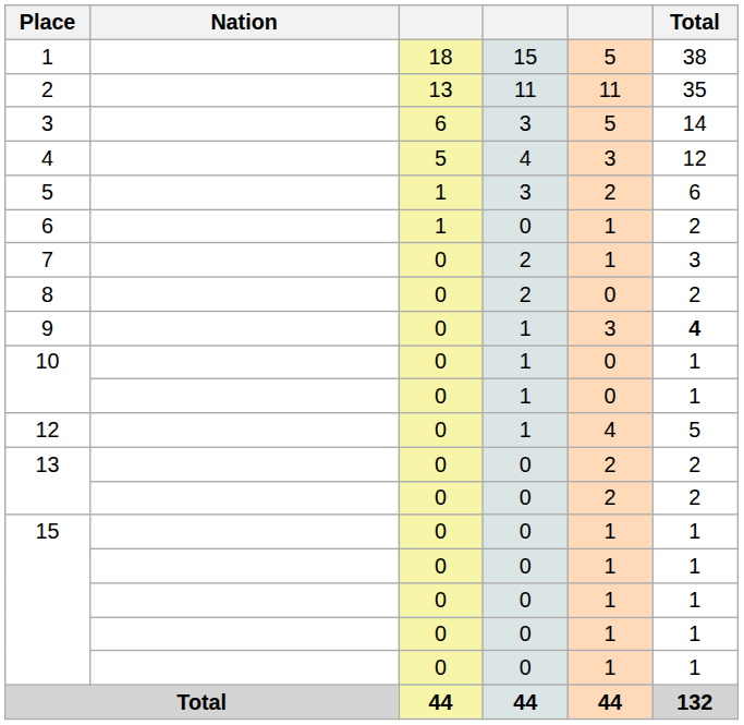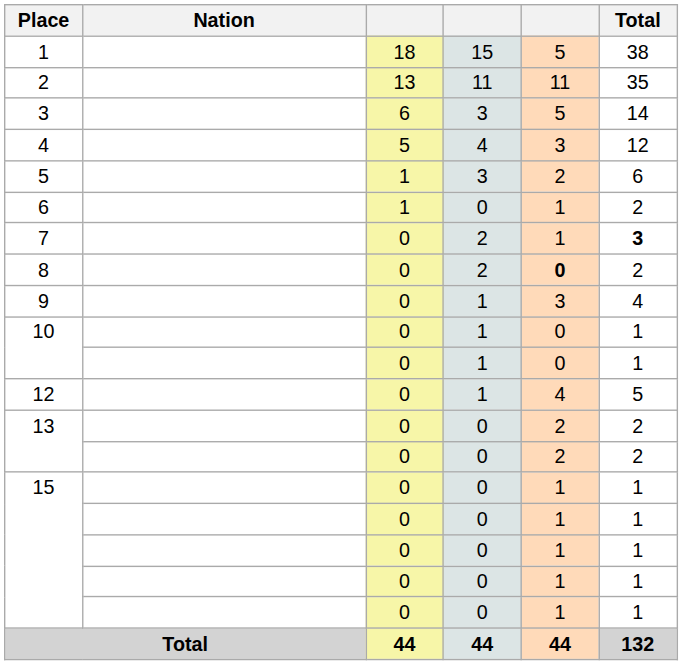 <table class=wikitable style="border:1px solid #AAAAAA;font-size:90%">
 <tr bgcolor="#EFEFEF">
 <th width=50>Place</th>
 <th width=200>Nation</th>
 <th width=50></th>
 <th width=50></th>
 <th width=50></th>
 <th width=50>Total</th>
 </tr>
 <tr align="center" valign="top" bgcolor="#FFFFFF">
 <td>1</td>
 <td align="left"></td>
 <td style="background:#F7F6A8;">18</td>
 <td style="background:#DCE5E5;">15</td>
 <td style="background:#FFDAB9;">5</td>
 <td>38</td>
 </tr>
 <tr align="center" valign="top" bgcolor="#FFFFFF">
 <td>2</td>
 <td align="left"></td>
 <td style="background:#F7F6A8;">13</td>
 <td style="background:#DCE5E5;">11</td>
 <td style="background:#FFDAB9;">11</td>
 <td>35</td>
 </tr>
 <tr align="center" valign="top" bgcolor="#FFFFFF">
 <td>3</td>
 <td align="left"></td>
 <td style="background:#F7F6A8;">6</td>
 <td style="background:#DCE5E5;">3</td>
 <td style="background:#FFDAB9;">5</td>
 <td>14</td>
 </tr>
 <tr align="center" valign="top" bgcolor="#FFFFFF">
 <td>4</td>
 <td align="left"></td>
 <td style="background:#F7F6A8;">5</td>
 <td style="background:#DCE5E5;">4</td>
 <td style="background:#FFDAB9;">3</td>
 <td>12</td>
 </tr>
 <tr align="center" valign="top" bgcolor="#FFFFFF">
 <td>5</td>
 <td align="left"></td>
 <td style="background:#F7F6A8;">1</td>
 <td style="background:#DCE5E5;">3</td>
 <td style="background:#FFDAB9;">2</td>
 <td>6</td>
 </tr>
 <tr align="center" valign="top" bgcolor="#FFFFFF">
 <td>6</td>
 <td align="left"></td>
 <td style="background:#F7F6A8;">1</td>
 <td style="background:#DCE5E5;">0</td>
 <td style="background:#FFDAB9;">1</td>
 <td>2</td>
 </tr>
 <tr align="center" valign="top" bgcolor="#FFFFFF">
 <td>7</td>
 <td align="left"></td>
 <td style="background:#F7F6A8;">0</td>
 <td style="background:#DCE5E5;">2</td>
 <td style="background:#FFDAB9;">1</td>
-<td>3</td>
+<td><strong>3</strong></td>
 </tr>
 <tr align="center" valign="top" bgcolor="#FFFFFF">
 <td>8</td>
 <td align="left"></td>
 <td style="background:#F7F6A8;">0</td>
 <td style="background:#DCE5E5;">2</td>
-<td style="background:#FFDAB9;">0</td>
+<td style="background:#FFDAB9;"><strong>0</strong></td>
 <td>2</td>
 </tr>
 <tr align="center" valign="top" bgcolor="#FFFFFF">
 <td>9</td>
 <td align="left"></td>
 <td style="background:#F7F6A8;">0</td>
 <td style="background:#DCE5E5;">1</td>
 <td style="background:#FFDAB9;">3</td>
-<td><strong>4</strong></td>
+<td>4</td>
 </tr>
 <tr align="center" valign="top" bgcolor="#FFFFFF">
 <td rowspan=2 valign="center">10</td>
 <td align="left"></td>
 <td style="background:#F7F6A8;">0</td>
 <td style="background:#DCE5E5;">1</td>
 <td style="background:#FFDAB9;">0</td>
 <td>1</td>
 </tr>
 <tr align="center" valign="top" bgcolor="#FFFFFF">
 <td align="left"></td>
 <td style="background:#F7F6A8;">0</td>
 <td style="background:#DCE5E5;">1</td>
 <td style="background:#FFDAB9;">0</td>
 <td>1</td>
 </tr>
 <tr align="center" valign="top" bgcolor="#FFFFFF">
 <td>12</td>
 <td align="left"></td>
 <td style="background:#F7F6A8;">0</td>
 <td style="background:#DCE5E5;">1</td>
 <td style="background:#FFDAB9;">4</td>
 <td>5</td>
 </tr>
 <tr align="center" valign="top" bgcolor="#FFFFFF">
 <td rowspan=2 valign="center">13</td>
 <td align="left"></td>
 <td style="background:#F7F6A8;">0</td>
 <td style="background:#DCE5E5;">0</td>
 <td style="background:#FFDAB9;">2</td>
 <td>2</td>
 </tr>
 <tr align="center" valign="top" bgcolor="#FFFFFF">
 <td align="left"></td>
 <td style="background:#F7F6A8;">0</td>
 <td style="background:#DCE5E5;">0</td>
 <td style="background:#FFDAB9;">2</td>
 <td>2</td>
 </tr>
 <tr align="center" valign="top" bgcolor="#FFFFFF">
 <td rowspan=5 valign="center">15</td>
 <td align="left"></td>
 <td style="background:#F7F6A8;">0</td>
 <td style="background:#DCE5E5;">0</td>
 <td style="background:#FFDAB9;">1</td>
 <td>1</td>
 </tr>
 <tr align="center" valign="top" bgcolor="#FFFFFF">
 <td align="left"></td>
 <td style="background:#F7F6A8;">0</td>
 <td style="background:#DCE5E5;">0</td>
 <td style="background:#FFDAB9;">1</td>
 <td>1</td>
 </tr>
 <tr align="center" valign="top" bgcolor="#FFFFFF">
 <td align="left"></td>
 <td style="background:#F7F6A8;">0</td>
 <td style="background:#DCE5E5;">0</td>
 <td style="background:#FFDAB9;">1</td>
 <td>1</td>
 </tr>
 <tr align="center" valign="top" bgcolor="#FFFFFF">
 <td align="left"></td>
 <td style="background:#F7F6A8;">0</td>
 <td style="background:#DCE5E5;">0</td>
 <td style="background:#FFDAB9;">1</td>
 <td>1</td>
 </tr>
 <tr align="center" valign="top" bgcolor="#FFFFFF">
 <td align="left"></td>
 <td style="background:#F7F6A8;">0</td>
 <td style="background:#DCE5E5;">0</td>
 <td style="background:#FFDAB9;">1</td>
 <td>1</td>
 </tr>
 <tr align="center">
 <td colspan=2 bgcolor=D3D3D3><strong>Total</strong></td>
 <td style="background:#F7F6A8;"><strong>44</strong></td>
 <td style="background:#DCE5E5;"><strong>44</strong></td>
 <td style="background:#FFDAB9;"><strong>44</strong></td>
 <td bgcolor=D3D3D3><strong>132</strong></td>
 </tr>
 </table>
